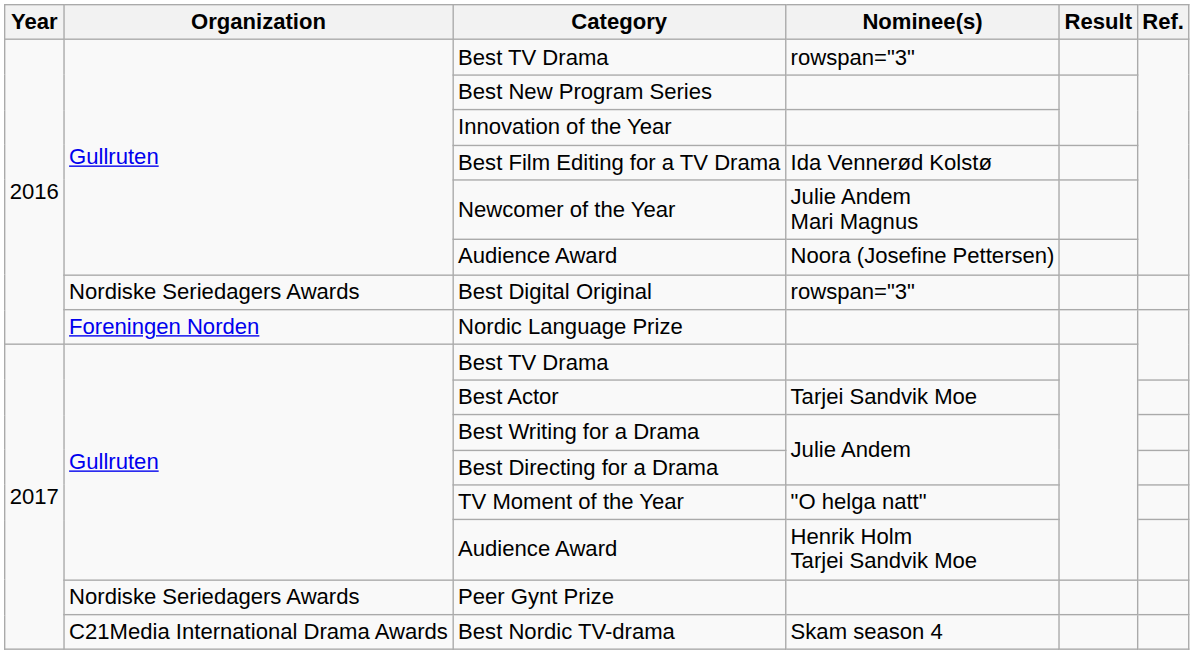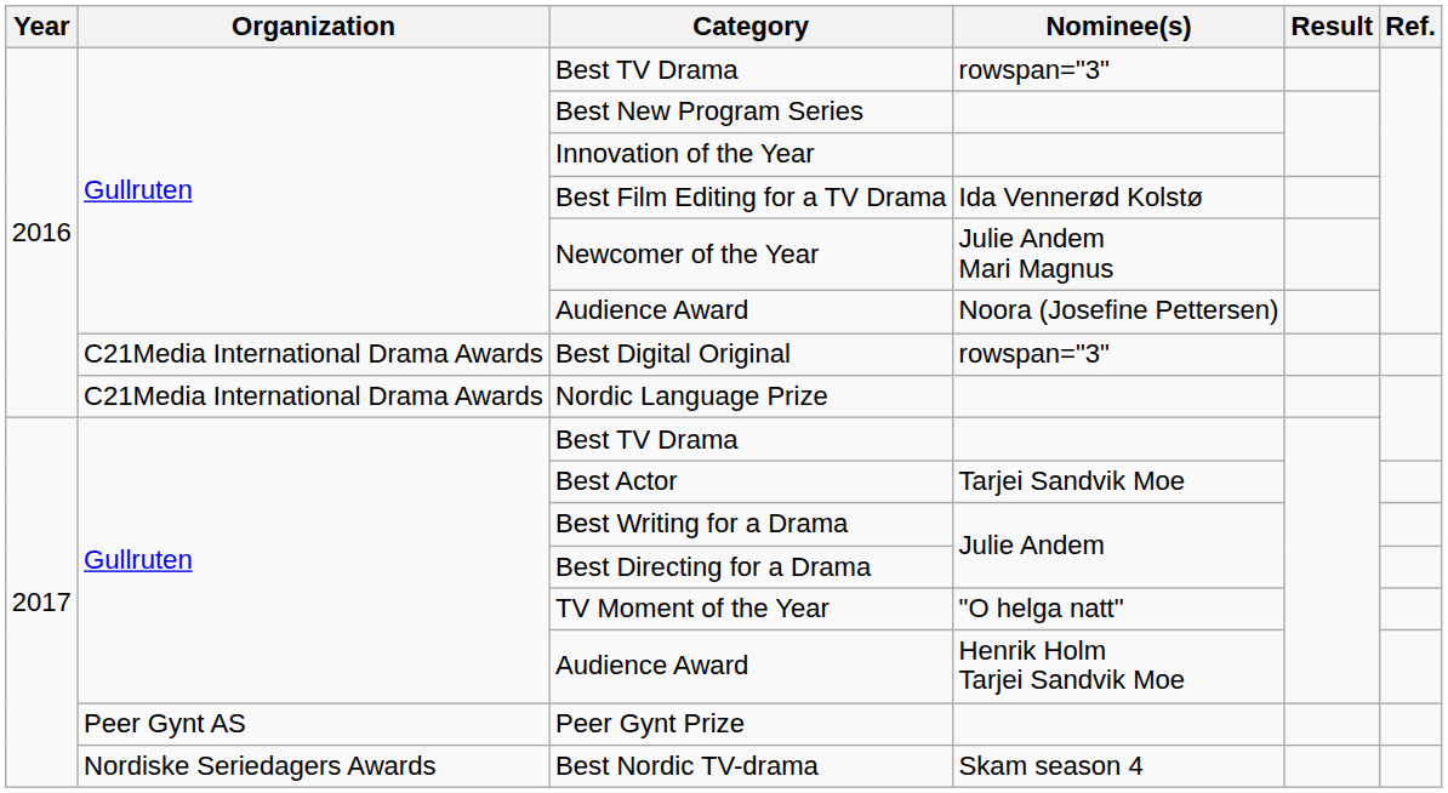 <table class="wikitable">
 <tr>
 <th>Year</th>
 <th>Organization</th>
 <th>Category</th>
 <th>Nominee(s)</th>
 <th>Result</th>
 <th>Ref.</th>
 </tr>
 <tr>
 <td rowspan="8">2016</td>
 <td rowspan="6"><a href='#'>Gullruten</a></td>
 <td>Best TV Drama</td>
 <td>rowspan="3" </td>
 <td></td>
 <td rowspan="6"></td>
 </tr>
 <tr>
 <td>Best New Program Series</td>
 <td></td>
 </tr>
 <tr>
 <td>Innovation of the Year</td>
 <td></td>
 </tr>
 <tr>
 <td>Best Film Editing for a TV Drama</td>
 <td>Ida Vennerød Kolstø</td>
 <td></td>
 </tr>
 <tr>
 <td>Newcomer of the Year</td>
 <td>Julie Andem<br>Mari Magnus</td>
 <td></td>
 </tr>
 <tr>
 <td>Audience Award</td>
 <td>Noora (Josefine Pettersen)</td>
 <td></td>
 </tr>
 <tr>
-<td>Nordiske Seriedagers Awards</td>
+<td>C21Media International Drama Awards</td>
 <td>Best Digital Original</td>
 <td>rowspan="3" </td>
 <td></td>
 <td></td>
 </tr>
 <tr>
-<td><a href='#'>Foreningen Norden</a></td>
+<td>C21Media International Drama Awards</td>
 <td>Nordic Language Prize</td>
 <td></td>
 <td></td>
 </tr>
 <tr>
 <td rowspan="8">2017</td>
 <td rowspan="6"><a href='#'>Gullruten</a></td>
 <td>Best TV Drama</td>
 <td></td>
 <td rowspan="6"></td>
 </tr>
 <tr>
 <td>Best Actor</td>
 <td>Tarjei Sandvik Moe</td>
 <td></td>
 </tr>
 <tr>
 <td>Best Writing for a Drama</td>
 <td rowspan="2">Julie Andem</td>
 <td></td>
 </tr>
 <tr>
 <td>Best Directing for a Drama</td>
 <td></td>
 </tr>
 <tr>
 <td>TV Moment of the Year</td>
 <td>"O helga natt"</td>
 <td></td>
 </tr>
 <tr>
 <td>Audience Award</td>
 <td>Henrik Holm<br>Tarjei Sandvik Moe</td>
 <td></td>
 </tr>
 <tr>
-<td>Nordiske Seriedagers Awards</td>
+<td>Peer Gynt AS</td>
 <td>Peer Gynt Prize</td>
 <td></td>
 <td></td>
 <td></td>
 </tr>
 <tr>
-<td>C21Media International Drama Awards</td>
+<td>Nordiske Seriedagers Awards</td>
 <td>Best Nordic TV-drama</td>
 <td>Skam season 4</td>
 <td></td>
 </tr>
 </table>
